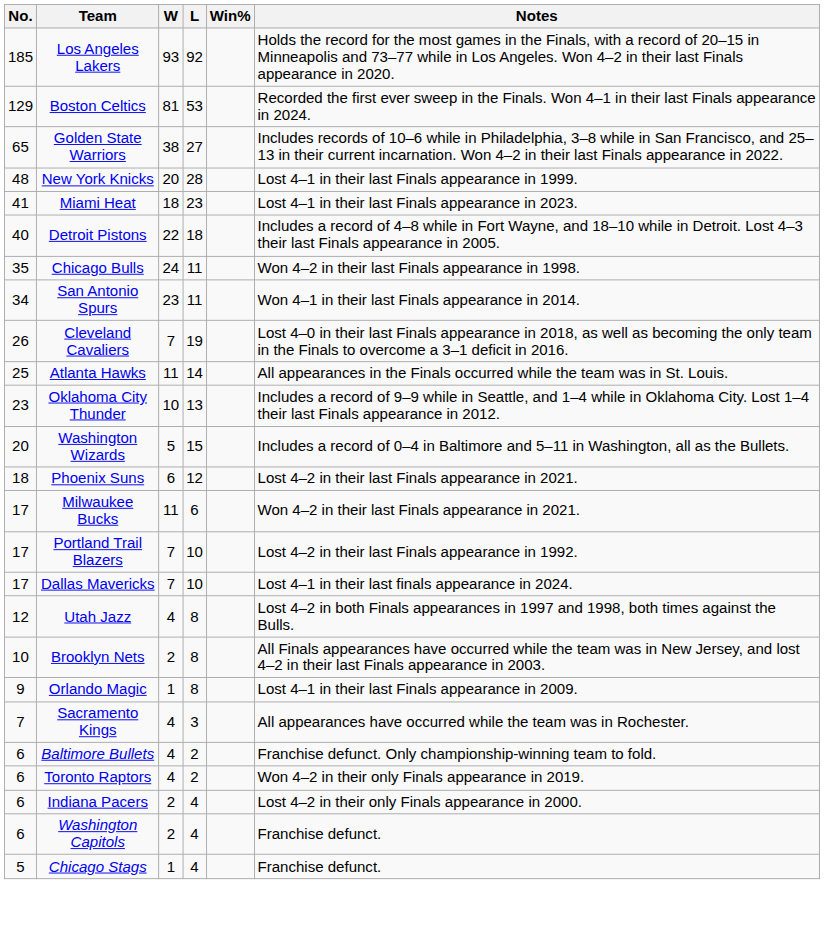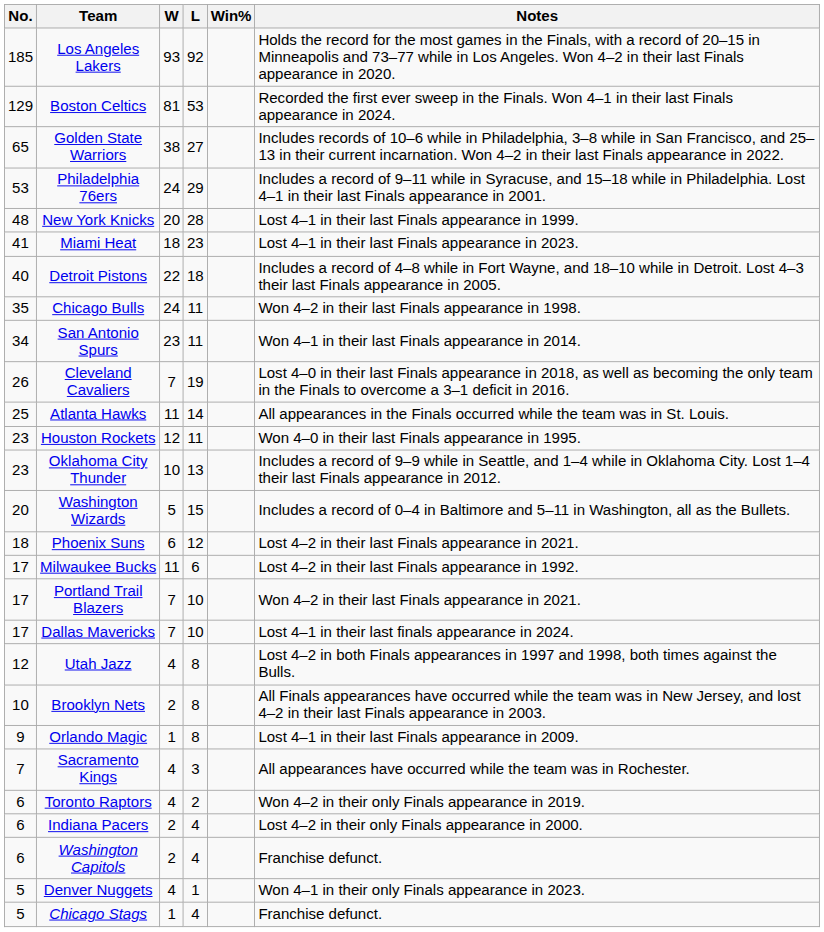 <table class="wikitable sortable" style="text-align:center;">
 <tr>
 <th>No.</th>
 <th>Team</th>
 <th>W</th>
 <th>L</th>
 <th>Win%</th>
 <th>Notes</th>
 </tr>
 <tr>
 <td>185</td>
 <td><a href='#'>Los Angeles Lakers</a></td>
 <td>93</td>
 <td>92</td>
 <td></td>
 <td align="left">Holds the record for the most games in the Finals, with a record of 20–15 in Minneapolis and 73–77 while in Los Angeles. Won 4–2 in their last Finals appearance in 2020.</td>
 </tr>
 <tr>
 <td>129</td>
 <td><a href='#'>Boston Celtics</a></td>
 <td>81</td>
 <td>53</td>
 <td></td>
 <td align="left">Recorded the first ever sweep in the Finals. Won 4–1 in their last Finals appearance in 2024.</td>
 </tr>
 <tr>
 <td>65</td>
 <td><a href='#'>Golden State Warriors</a></td>
 <td>38</td>
 <td>27</td>
 <td></td>
 <td align="left">Includes records of 10–6 while in Philadelphia, 3–8 while in San Francisco, and 25–13 in their current incarnation. Won 4–2 in their last Finals appearance in 2022.</td>
+</tr>
+<tr>
+<td>53</td>
+<td><a href='#'>Philadelphia 76ers</a></td>
+<td>24</td>
+<td>29</td>
+<td></td>
+<td align="left">Includes a record of 9–11 while in Syracuse, and 15–18 while in Philadelphia. Lost 4–1 in their last Finals appearance in 2001.</td>
 </tr>
 <tr>
 <td>48</td>
 <td><a href='#'>New York Knicks</a></td>
 <td>20</td>
 <td>28</td>
 <td></td>
 <td align="left">Lost 4–1 in their last Finals appearance in 1999.</td>
 </tr>
 <tr>
 <td>41</td>
 <td><a href='#'>Miami Heat</a></td>
 <td>18</td>
 <td>23</td>
 <td></td>
 <td align="left">Lost 4–1 in their last Finals appearance in 2023.</td>
 </tr>
 <tr>
 <td>40</td>
 <td><a href='#'>Detroit Pistons</a></td>
 <td>22</td>
 <td>18</td>
 <td></td>
 <td align="left">Includes a record of 4–8 while in Fort Wayne, and 18–10 while in Detroit. Lost 4–3 their last Finals appearance in 2005.</td>
 </tr>
 <tr>
 <td>35</td>
 <td><a href='#'>Chicago Bulls</a></td>
 <td>24</td>
 <td>11</td>
 <td></td>
 <td align="left">Won 4–2 in their last Finals appearance in 1998.</td>
 </tr>
 <tr>
 <td>34</td>
 <td><a href='#'>San Antonio Spurs</a></td>
 <td>23</td>
 <td>11</td>
 <td></td>
 <td align="left">Won 4–1 in their last Finals appearance in 2014.</td>
 </tr>
 <tr>
 <td>26</td>
 <td><a href='#'>Cleveland Cavaliers</a></td>
 <td>7</td>
 <td>19</td>
 <td></td>
 <td align="left">Lost 4–0 in their last Finals appearance in 2018, as well as becoming the only team in the Finals to overcome a 3–1 deficit in 2016.</td>
 </tr>
 <tr>
 <td>25</td>
 <td><a href='#'>Atlanta Hawks</a></td>
 <td>11</td>
 <td>14</td>
 <td></td>
 <td align="left">All appearances in the Finals occurred while the team was in St. Louis.</td>
 </tr>
 <tr>
 <td>23</td>
+<td><a href='#'>Houston Rockets</a></td>
+<td>12</td>
+<td>11</td>
+<td></td>
+<td align="left">Won 4–0 in their last Finals appearance in 1995.</td>
+</tr>
+<tr>
+<td>23</td>
 <td><a href='#'>Oklahoma City Thunder</a></td>
 <td>10</td>
 <td>13</td>
 <td></td>
 <td align="left">Includes a record of 9–9 while in Seattle, and 1–4 while in Oklahoma City. Lost 1–4 their last Finals appearance in 2012.</td>
 </tr>
 <tr>
 <td>20</td>
 <td><a href='#'>Washington Wizards</a></td>
 <td>5</td>
 <td>15</td>
 <td></td>
 <td align="left">Includes a record of 0–4 in Baltimore and 5–11 in Washington, all as the Bullets.</td>
 </tr>
 <tr>
 <td>18</td>
 <td><a href='#'>Phoenix Suns</a></td>
 <td>6</td>
 <td>12</td>
 <td></td>
 <td align="left">Lost 4–2 in their last Finals appearance in 2021.</td>
 </tr>
 <tr>
 <td>17</td>
 <td><a href='#'>Milwaukee Bucks</a></td>
 <td>11</td>
 <td>6</td>
 <td></td>
-<td align="left">Won 4–2 in their last Finals appearance in 2021.</td>
+<td align="left">Lost 4–2 in their last Finals appearance in 1992.</td>
 </tr>
 <tr>
 <td>17</td>
 <td><a href='#'>Portland Trail Blazers</a></td>
 <td>7</td>
 <td>10</td>
 <td></td>
-<td align="left">Lost 4–2 in their last Finals appearance in 1992.</td>
+<td align="left">Won 4–2 in their last Finals appearance in 2021.</td>
 </tr>
 <tr>
 <td>17</td>
 <td><a href='#'>Dallas Mavericks</a></td>
 <td>7</td>
 <td>10</td>
 <td></td>
 <td align="left">Lost 4–1 in their last finals appearance in 2024.</td>
 </tr>
 <tr>
 <td>12</td>
 <td><a href='#'>Utah Jazz</a></td>
 <td>4</td>
 <td>8</td>
 <td></td>
 <td align="left">Lost 4–2 in both Finals appearances in 1997 and 1998, both times against the Bulls.</td>
 </tr>
 <tr>
 <td>10</td>
 <td><a href='#'>Brooklyn Nets</a></td>
 <td>2</td>
 <td>8</td>
 <td></td>
 <td align="left">All Finals appearances have occurred while the team was in New Jersey, and lost 4–2 in their last Finals appearance in 2003.</td>
 </tr>
 <tr>
 <td>9</td>
 <td><a href='#'>Orlando Magic</a></td>
 <td>1</td>
 <td>8</td>
 <td></td>
 <td align="left">Lost 4–1 in their last Finals appearance in 2009.</td>
 </tr>
 <tr>
 <td>7</td>
 <td><a href='#'>Sacramento Kings</a></td>
 <td>4</td>
 <td>3</td>
 <td></td>
 <td align="left">All appearances have occurred while the team was in Rochester.</td>
 </tr>
 <tr>
 <td>6</td>
-<td><em><a href='#'>Baltimore Bullets</a></em></td>
-<td>4</td>
-<td>2</td>
-<td></td>
-<td align="left">Franchise defunct. Only championship-winning team to fold.</td>
-</tr>
-<tr>
-<td>6</td>
 <td><a href='#'>Toronto Raptors</a></td>
 <td>4</td>
 <td>2</td>
 <td></td>
 <td align="left">Won 4–2 in their only Finals appearance in 2019.</td>
 </tr>
 <tr>
 <td>6</td>
 <td><a href='#'>Indiana Pacers</a></td>
 <td>2</td>
 <td>4</td>
 <td></td>
 <td align="left">Lost 4–2 in their only Finals appearance in 2000.</td>
 </tr>
 <tr>
 <td>6</td>
 <td><em><a href='#'>Washington Capitols</a></em></td>
 <td>2</td>
 <td>4</td>
 <td></td>
 <td align="left">Franchise defunct.</td>
 </tr>
 <tr>
 <td>5</td>
+<td><a href='#'>Denver Nuggets</a></td>
+<td>4</td>
+<td>1</td>
+<td></td>
+<td align="left">Won 4–1 in their only Finals appearance in 2023.</td>
+</tr>
+<tr>
+<td>5</td>
 <td><em><a href='#'>Chicago Stags</a></em></td>
 <td>1</td>
 <td>4</td>
 <td></td>
 <td align="left">Franchise defunct.</td>
 </tr>
 </table>
